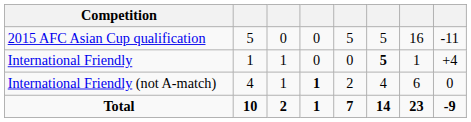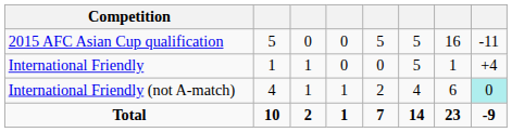 <table class="wikitable" style="text-align: center;">
 <tr>
 <th width=250>Competition</th>
 <th width=30></th>
 <th width=30></th>
 <th width=30></th>
 <th width=30></th>
 <th width=30></th>
 <th width=30></th>
 <th width=30></th>
 </tr>
 <tr>
 <td align="left"><a href='#'>2015 AFC Asian Cup qualification</a></td>
 <td>5</td>
 <td>0</td>
 <td>0</td>
 <td>5</td>
 <td>5</td>
 <td>16</td>
 <td>-11</td>
 </tr>
 <tr>
 <td align="left"><a href='#'>International Friendly</a></td>
 <td>1</td>
 <td>1</td>
 <td>0</td>
 <td>0</td>
-<td><strong>5</strong></td>
+<td>5</td>
 <td>1</td>
 <td>+4</td>
 </tr>
 <tr>
 <td align=left><a href='#'>International Friendly</a> (not A-match)</td>
 <td>4</td>
 <td>1</td>
-<td><strong>1</strong></td>
+<td>1</td>
 <td>2</td>
 <td>4</td>
 <td>6</td>
-<td>0</td>
+<td style="background: paleturquoise;">0</td>
 </tr>
 <tr>
 <td><strong>Total</strong></td>
 <td><strong>10</strong></td>
 <td><strong>2</strong></td>
 <td><strong>1</strong></td>
 <td><strong>7</strong></td>
 <td><strong>14</strong></td>
 <td><strong>23</strong></td>
 <td><strong>-9</strong></td>
 </tr>
 </table>
